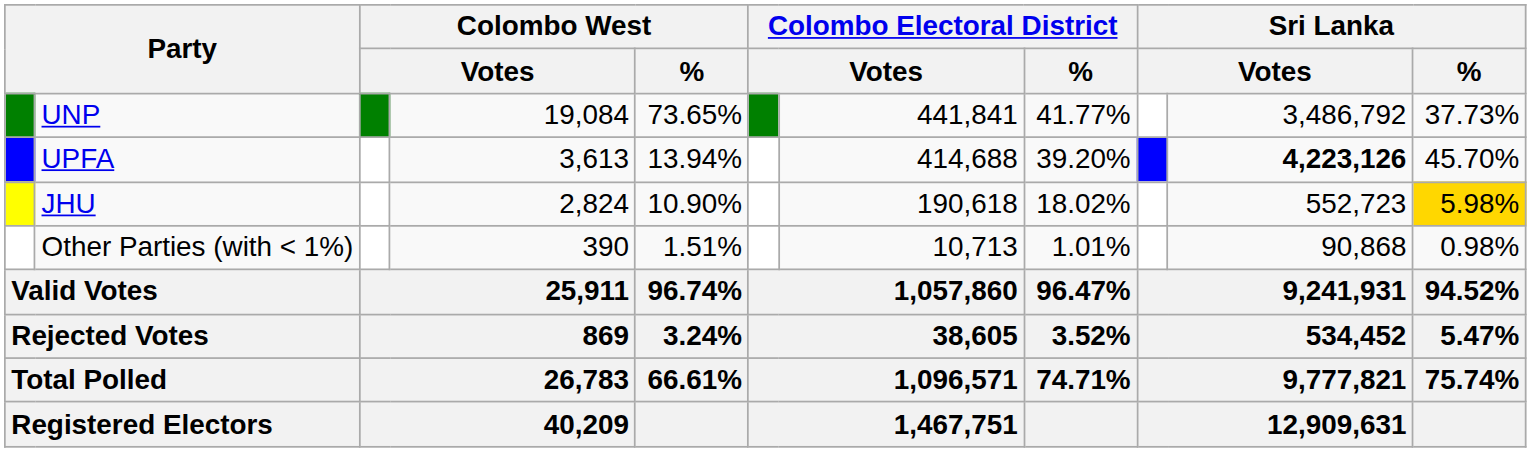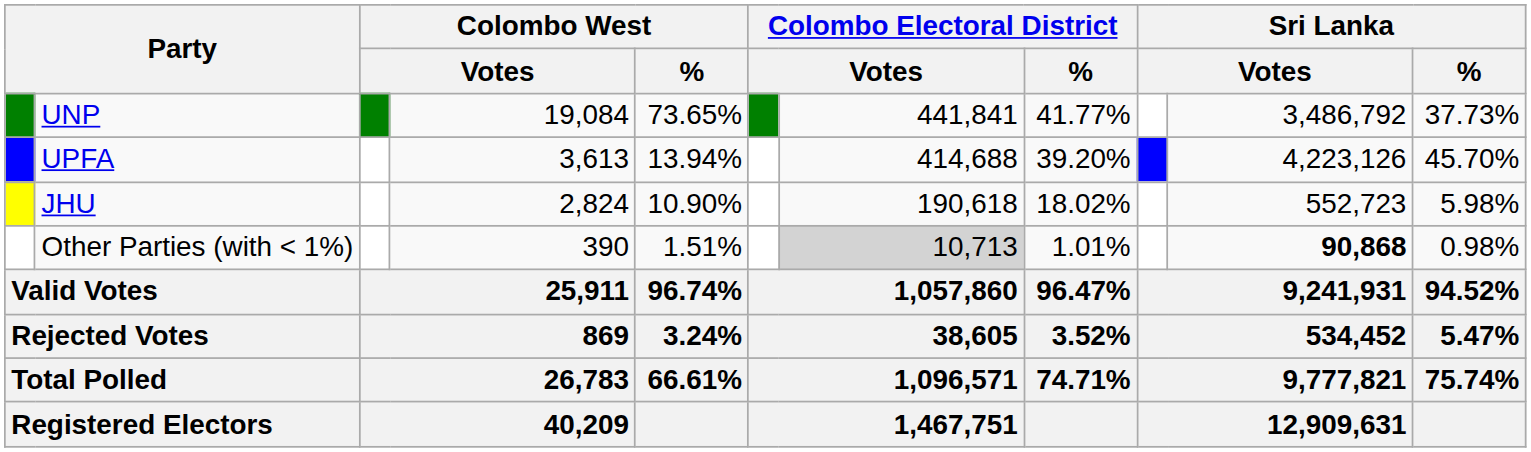 <table class="wikitable">
 <tr>
 <th colspan="2" width="144px"rowspan="2">Party</th>
 <th colspan="3" width="216px">Colombo West</th>
 <th colspan="3" width="216px"><a href='#'>Colombo Electoral District</a></th>
 <th colspan="3" width="216px">Sri Lanka</th>
 </tr>
 <tr>
 <th colspan="2" width="144px">Votes</th>
 <th>%</th>
 <th colspan="2" width="144px">Votes</th>
 <th>%</th>
 <th colspan="2" width="144px">Votes</th>
 <th>%</th>
 </tr>
 <tr>
 <td style="background-color:green;" width="10px"></td>
 <td style="text-align:left;"><a href='#'>UNP</a></td>
 <td style="background-color:green;" width="10px"></td>
 <td style="text-align:right;">19,084</td>
 <td style="text-align:right;">73.65%</td>
 <td style="background-color:green;" width="10px"></td>
 <td style="text-align:right;">441,841</td>
 <td style="text-align:right;">41.77%</td>
 <td style="background-color:white;" width="10px"></td>
 <td style="text-align:right;">3,486,792</td>
 <td style="text-align:right;">37.73%</td>
 </tr>
 <tr>
 <td style="background-color:blue;" width="10px"></td>
 <td style="text-align:left;"><a href='#'>UPFA</a></td>
 <td style="background-color:white;" width="10px"></td>
 <td style="text-align:right;">3,613</td>
 <td style="text-align:right;">13.94%</td>
 <td style="background-color:white;" width="10px"></td>
 <td style="text-align:right;">414,688</td>
 <td style="text-align:right;">39.20%</td>
 <td style="background-color:blue;" width="10px"></td>
-<td style="text-align:right;"><strong>4,223,126</strong></td>
+<td style="text-align:right;">4,223,126</td>
 <td style="text-align:right;">45.70%</td>
 </tr>
 <tr>
 <td style="background-color:yellow;" width="10px"></td>
 <td style="text-align:left;"><a href='#'>JHU</a></td>
 <td style="background-color:white;" width="10px"></td>
 <td style="text-align:right;">2,824</td>
 <td style="text-align:right;">10.90%</td>
 <td style="background-color:white;" width="10px"></td>
 <td style="text-align:right;">190,618</td>
 <td style="text-align:right;">18.02%</td>
 <td style="background-color:white;" width="10px"></td>
 <td style="text-align:right;">552,723</td>
-<td style="background: gold; text-align:right;">5.98%</td>
+<td style="text-align:right;">5.98%</td>
 </tr>
 <tr>
 <td style="background-color:white;" width="10px"></td>
 <td style="text-align:left;">Other Parties (with < 1%)</td>
 <td style="background-color:white;" width="10px"></td>
 <td style="text-align:right;">390</td>
 <td style="text-align:right;">1.51%</td>
 <td style="background-color:white;" width="10px"></td>
-<td style="text-align:right;">10,713</td>
+<td style="background: lightgrey; text-align:right;">10,713</td>
 <td style="text-align:right;">1.01%</td>
 <td style="background-color:white;" width="10px"></td>
-<td style="text-align:right;">90,868</td>
+<td style="text-align:right;"><strong>90,868</strong></td>
 <td style="text-align:right;">0.98%</td>
 </tr>
 <tr>
 <th colspan="2" width="144px"style="text-align:left;">Valid Votes</th>
 <th style="text-align:right;"colspan="2" width="144px">25,911</th>
 <th style="text-align:right;">96.74%</th>
 <th style="text-align:right;"colspan="2" width="144px">1,057,860</th>
 <th style="text-align:right;">96.47%</th>
 <th style="text-align:right;"colspan="2" width="144px">9,241,931</th>
 <th style="text-align:right;">94.52%</th>
 </tr>
 <tr>
 <th colspan="2" width="144px"style="text-align:left;">Rejected Votes</th>
 <th style="text-align:right;"colspan="2" width="144px">869</th>
 <th style="text-align:right;">3.24%</th>
 <th style="text-align:right;"colspan="2" width="144px">38,605</th>
 <th style="text-align:right;">3.52%</th>
 <th style="text-align:right;"colspan="2" width="144px">534,452</th>
 <th style="text-align:right;">5.47%</th>
 </tr>
 <tr>
 <th colspan="2" width="144px"style="text-align:left;">Total Polled</th>
 <th style="text-align:right;"colspan="2" width="144px">26,783</th>
 <th style="text-align:right;">66.61%</th>
 <th style="text-align:right;"colspan="2" width="144px">1,096,571</th>
 <th style="text-align:right;">74.71%</th>
 <th style="text-align:right;"colspan="2" width="144px">9,777,821</th>
 <th style="text-align:right;">75.74%</th>
 </tr>
 <tr>
 <th colspan="2" width="144px"style="text-align:left;">Registered Electors</th>
 <th style="text-align:right;"colspan="2" width="144px">40,209</th>
 <th></th>
 <th style="text-align:right;"colspan="2" width="144px">1,467,751</th>
 <th></th>
 <th style="text-align:right;"colspan="2" width="144px">12,909,631</th>
 <th></th>
 </tr>
 </table>
